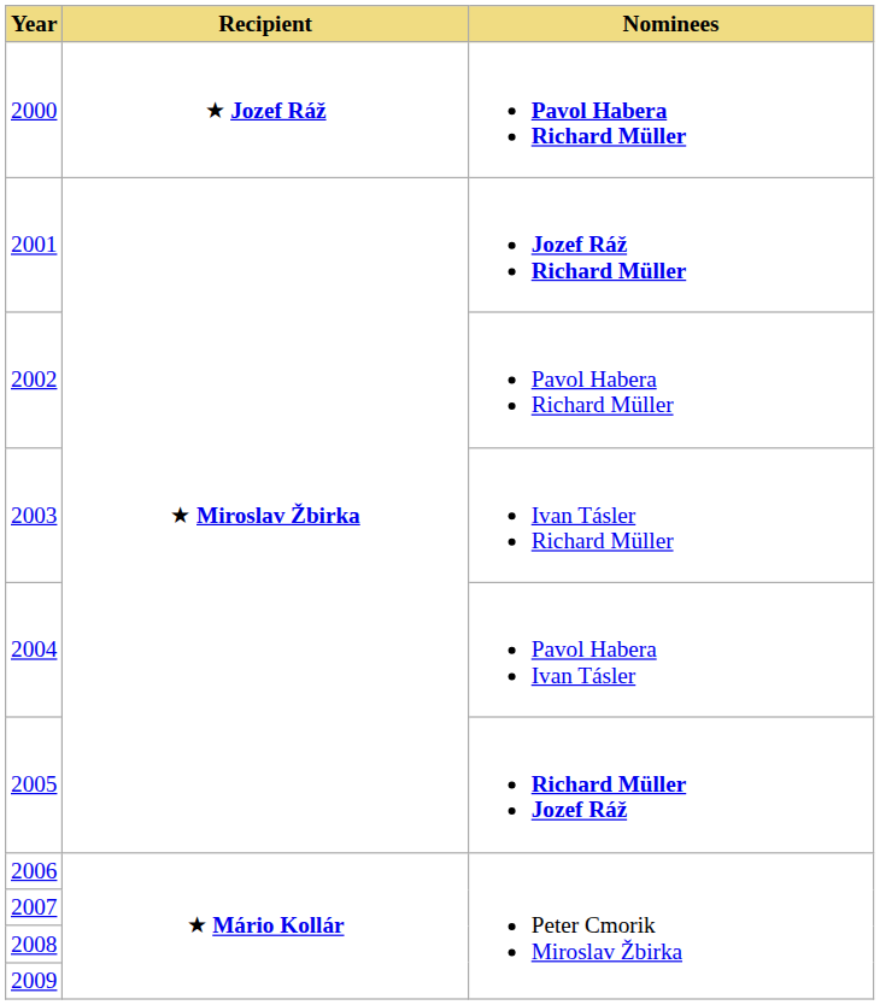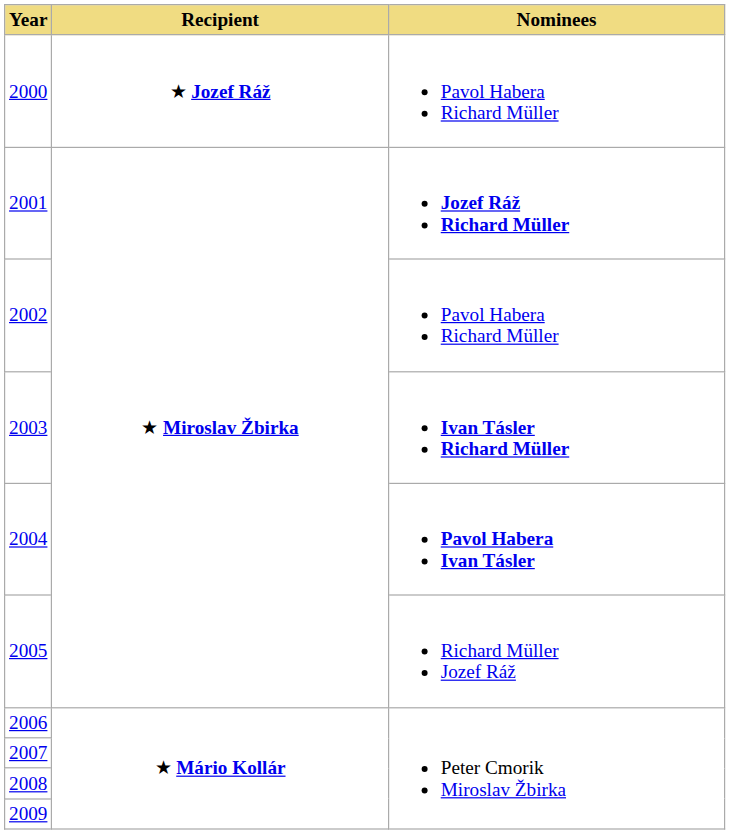 <table class=wikitable sortable style="background:white">
 <tr>
 <th style=background:#F0DC82>Year</th>
 <th style=background:#F0DC82 width=273>Recipient</th>
 <th style=background:#F0DC82 width=273>Nominees</th>
 </tr>
 <tr>
 <td><a href='#'>2000</a></td>
 <td align=center>★ <strong><a href='#'>Jozef Ráž</a></strong></td>
-<td><strong><br><ul><li><a href='#'>Pavol Habera</a></li><li><a href='#'>Richard Müller</a></li></ul></strong></td>
+<td><br><ul><li><a href='#'>Pavol Habera</a></li><li><a href='#'>Richard Müller</a></li></ul></td>
 </tr>
 <tr>
 <td><a href='#'>2001</a></td>
 <td align=center rowspan=5>★ <strong><a href='#'>Miroslav Žbirka</a></strong> <br></td>
 <td><strong><br><ul><li><a href='#'>Jozef Ráž</a></li><li><a href='#'>Richard Müller</a></li></ul></strong></td>
 </tr>
 <tr>
 <td><a href='#'>2002</a></td>
 <td><br><ul><li><a href='#'>Pavol Habera</a></li><li><a href='#'>Richard Müller</a></li></ul></td>
 </tr>
 <tr>
 <td><a href='#'>2003</a></td>
-<td><br><ul><li><a href='#'>Ivan Tásler</a></li><li><a href='#'>Richard Müller</a></li></ul></td>
+<td><strong><br><ul><li><a href='#'>Ivan Tásler</a></li><li><a href='#'>Richard Müller</a></li></ul></strong></td>
 </tr>
 <tr>
 <td><a href='#'>2004</a></td>
-<td><br><ul><li><a href='#'>Pavol Habera</a></li><li><a href='#'>Ivan Tásler</a></li></ul></td>
+<td><strong><br><ul><li><a href='#'>Pavol Habera</a></li><li><a href='#'>Ivan Tásler</a></li></ul></strong></td>
 </tr>
 <tr>
 <td><a href='#'>2005</a></td>
-<td><strong><br><ul><li><a href='#'>Richard Müller</a></li><li><a href='#'>Jozef Ráž</a></li></ul></strong></td>
+<td><br><ul><li><a href='#'>Richard Müller</a></li><li><a href='#'>Jozef Ráž</a></li></ul></td>
 </tr>
 <tr>
 <td><a href='#'>2006</a></td>
 <td align=center rowspan=4>★ <strong><a href='#'>Mário Kollár</a></strong> <br></td>
 <td rowspan=4><br><ul><li>Peter Cmorik</li><li><a href='#'>Miroslav Žbirka</a></li></ul></td>
 </tr>
 <tr>
 <td><a href='#'>2007</a></td>
 </tr>
 <tr>
 <td><a href='#'>2008</a></td>
 </tr>
 <tr>
 <td><a href='#'>2009</a></td>
 </tr>
 </table>
